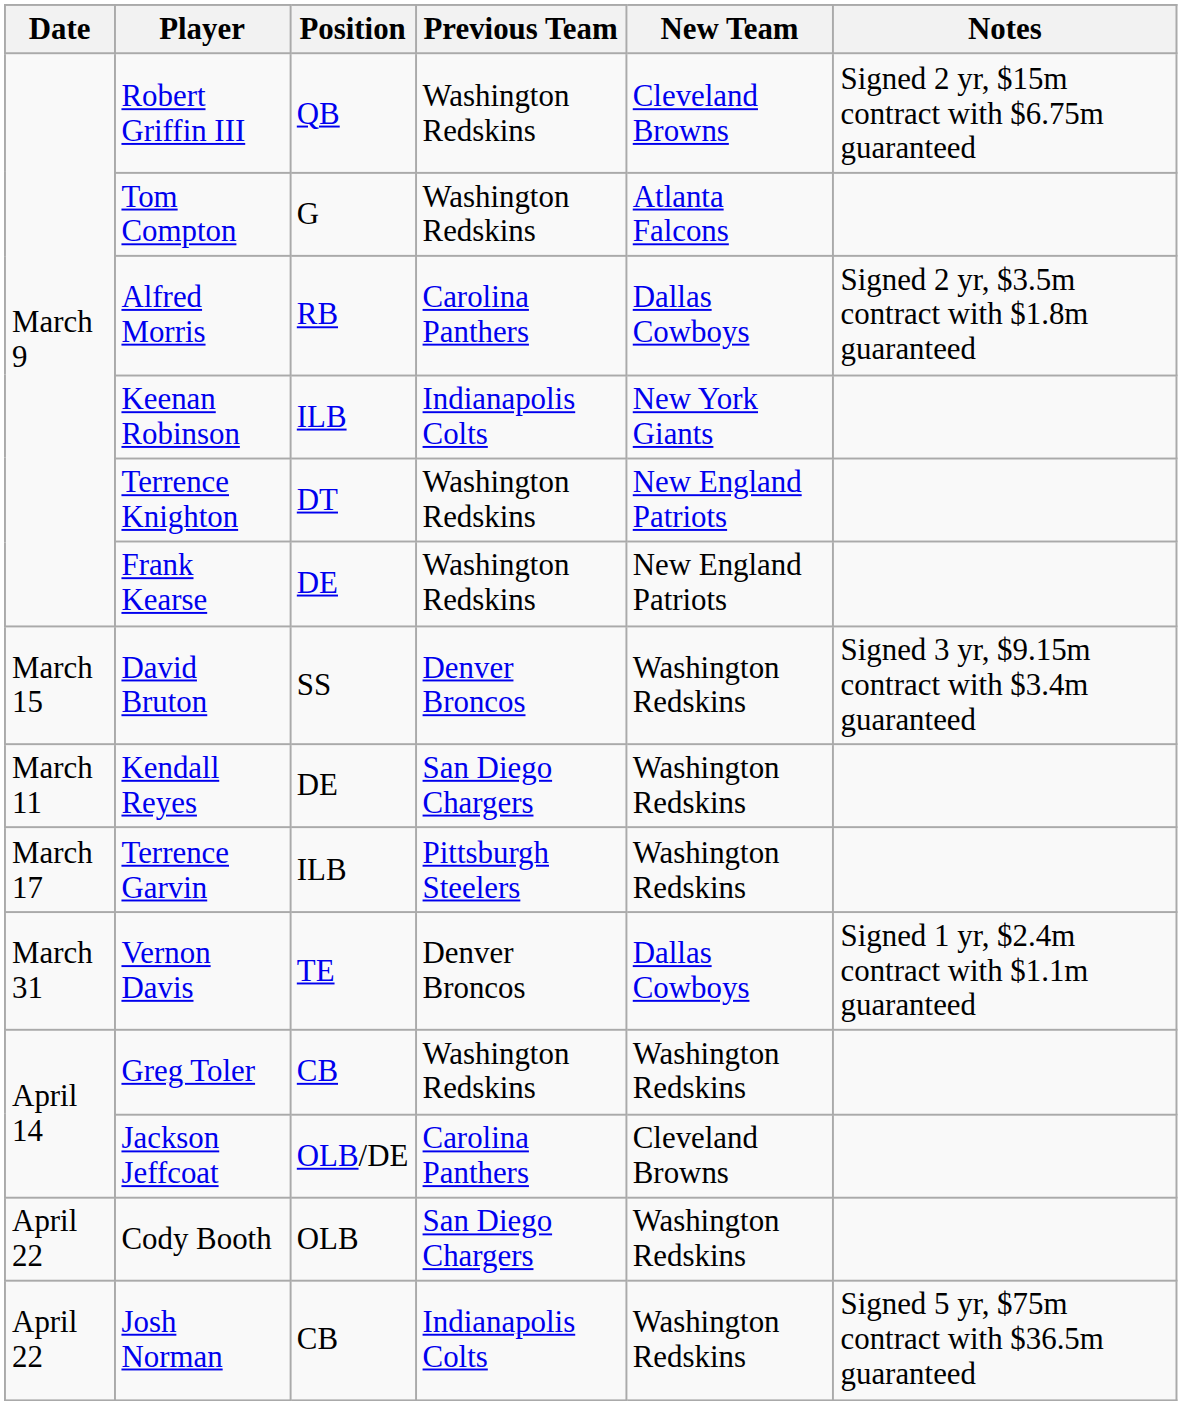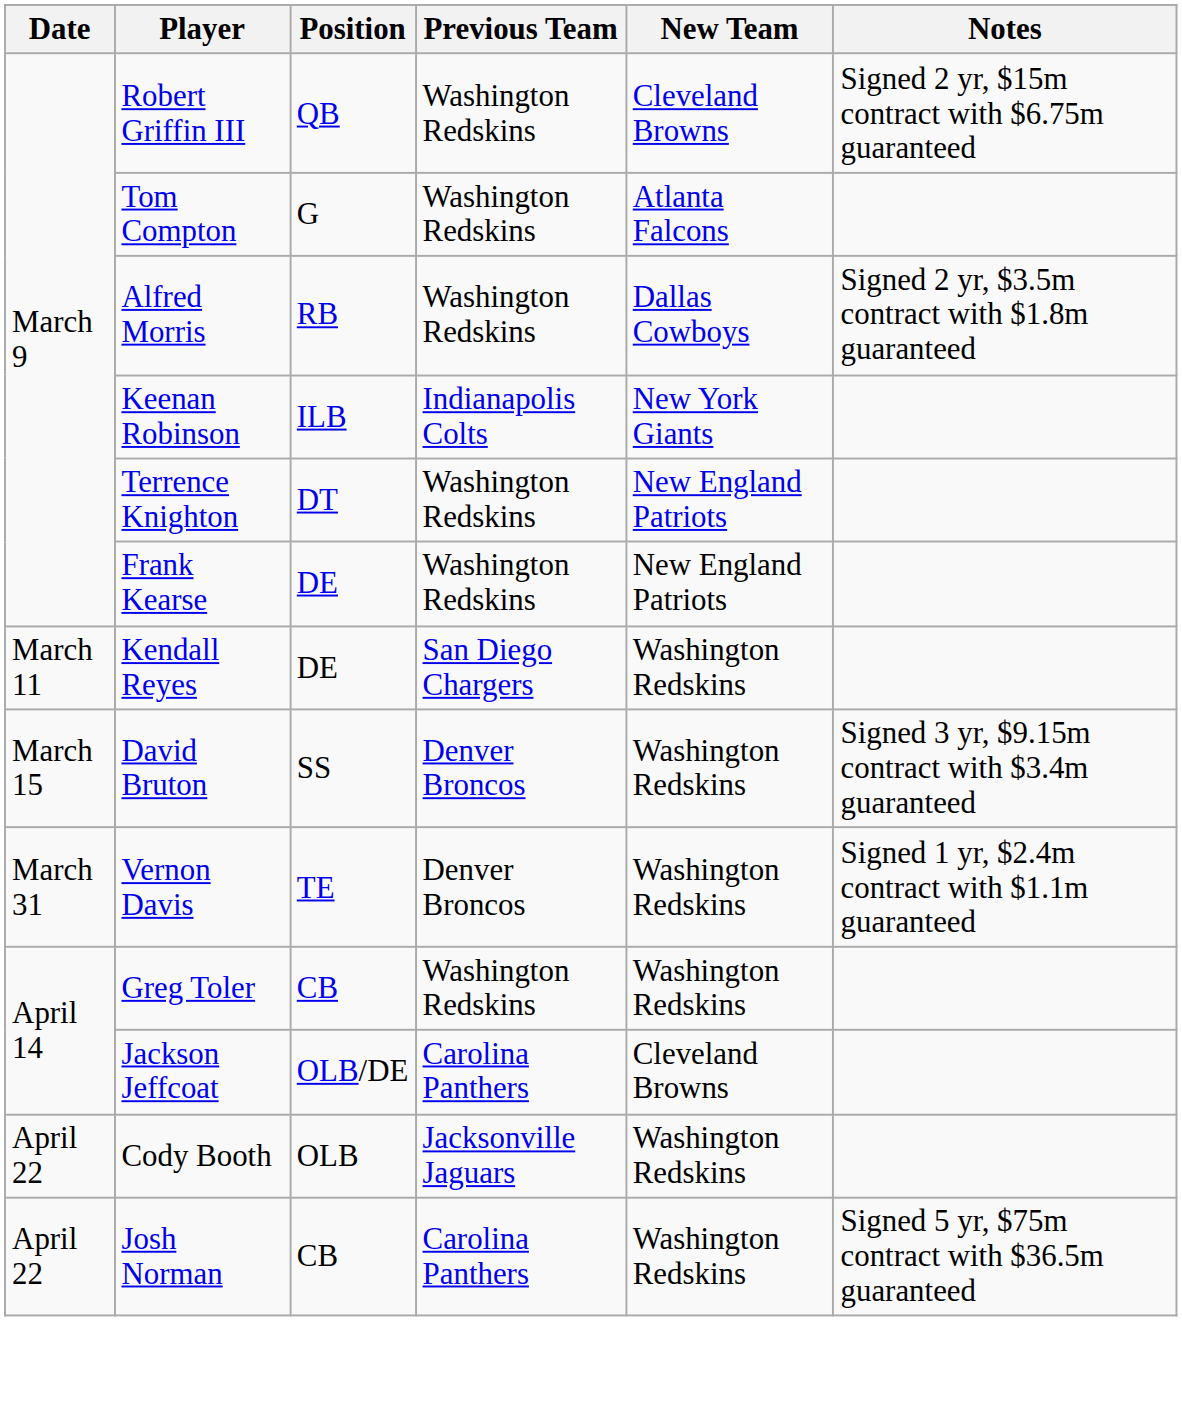 <table class="wikitable sortable">
 <tr>
 <th>Date</th>
 <th>Player</th>
 <th>Position</th>
 <th>Previous Team</th>
 <th>New Team</th>
 <th>Notes</th>
 </tr>
 <tr>
 <td rowspan="6">March 9</td>
 <td><a href='#'>Robert Griffin III</a></td>
 <td><a href='#'>QB</a></td>
 <td>Washington Redskins</td>
 <td><a href='#'>Cleveland Browns</a></td>
 <td>Signed 2 yr, $15m contract with $6.75m guaranteed</td>
 </tr>
 <tr>
 <td><a href='#'>Tom Compton</a></td>
 <td>G</td>
 <td>Washington Redskins</td>
 <td><a href='#'>Atlanta Falcons</a></td>
 <td></td>
 </tr>
 <tr>
 <td><a href='#'>Alfred Morris</a></td>
 <td><a href='#'>RB</a></td>
-<td><a href='#'>Carolina Panthers</a></td>
+<td>Washington Redskins</td>
 <td><a href='#'>Dallas Cowboys</a></td>
 <td>Signed 2 yr,  $3.5m contract with $1.8m guaranteed</td>
 </tr>
 <tr>
 <td><a href='#'>Keenan Robinson</a></td>
 <td><a href='#'>ILB</a></td>
 <td><a href='#'>Indianapolis Colts</a></td>
 <td><a href='#'>New York Giants</a></td>
 <td></td>
 </tr>
 <tr>
 <td><a href='#'>Terrence Knighton</a></td>
 <td><a href='#'>DT</a></td>
 <td>Washington Redskins</td>
 <td><a href='#'>New England Patriots</a></td>
 <td></td>
 </tr>
 <tr>
 <td><a href='#'>Frank Kearse</a></td>
 <td><a href='#'>DE</a></td>
 <td>Washington Redskins</td>
 <td>New England Patriots</td>
 <td></td>
 </tr>
 <tr>
+<td>March 11</td>
+<td><a href='#'>Kendall Reyes</a></td>
+<td>DE</td>
+<td><a href='#'>San Diego Chargers</a></td>
+<td>Washington Redskins</td>
+<td></td>
+</tr>
+<tr>
 <td>March 15</td>
 <td><a href='#'>David Bruton</a></td>
 <td>SS</td>
 <td><a href='#'>Denver Broncos</a></td>
 <td>Washington Redskins</td>
 <td>Signed 3 yr, $9.15m contract with $3.4m guaranteed</td>
 </tr>
 <tr>
-<td>March 11</td>
-<td><a href='#'>Kendall Reyes</a></td>
-<td>DE</td>
-<td><a href='#'>San Diego Chargers</a></td>
-<td>Washington Redskins</td>
-<td></td>
-</tr>
-<tr>
-<td>March 17</td>
-<td><a href='#'>Terrence Garvin</a></td>
-<td>ILB</td>
-<td><a href='#'>Pittsburgh Steelers</a></td>
-<td>Washington Redskins</td>
-<td></td>
-</tr>
-<tr>
 <td>March 31</td>
 <td><a href='#'>Vernon Davis</a></td>
 <td><a href='#'>TE</a></td>
 <td>Denver Broncos</td>
-<td><a href='#'>Dallas Cowboys</a></td>
+<td>Washington Redskins</td>
 <td>Signed 1 yr, $2.4m contract with $1.1m guaranteed</td>
 </tr>
 <tr>
 <td rowspan="2">April 14</td>
 <td><a href='#'>Greg Toler</a></td>
 <td><a href='#'>CB</a></td>
 <td>Washington Redskins</td>
 <td>Washington Redskins</td>
 <td></td>
 </tr>
 <tr>
 <td><a href='#'>Jackson Jeffcoat</a></td>
 <td><a href='#'>OLB</a>/DE</td>
 <td><a href='#'>Carolina Panthers</a></td>
 <td>Cleveland Browns</td>
 <td></td>
 </tr>
 <tr>
 <td>April 22</td>
 <td>Cody Booth</td>
 <td>OLB</td>
-<td><a href='#'>San Diego Chargers</a></td>
+<td><a href='#'>Jacksonville Jaguars</a></td>
 <td>Washington Redskins</td>
 <td></td>
 </tr>
 <tr>
 <td>April 22</td>
 <td><a href='#'>Josh Norman</a></td>
 <td>CB</td>
-<td><a href='#'>Indianapolis Colts</a></td>
+<td><a href='#'>Carolina Panthers</a></td>
 <td>Washington Redskins</td>
 <td>Signed 5 yr, $75m contract with $36.5m guaranteed</td>
 </tr>
 </table>
